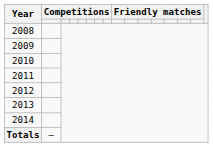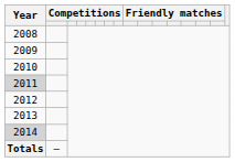 <table class="wikitable" style="text-align: center">
 <tr>
 <th rowspan="2">Year</th>
 <th colspan="7">Competitions</th>
 <th colspan="7">Friendly matches</th>
 <th rowspan="2"></th>
 </tr>
 <tr>
 <th></th>
 <th></th>
 <th></th>
 <th></th>
 <th></th>
 <th></th>
 <th></th>
 <th></th>
 <th></th>
 <th></th>
 <th></th>
 <th></th>
 <th></th>
 <th></th>
 </tr>
 <tr>
 <td>2008<br> </td>
 <td></td>
 </tr>
 <tr>
 <td>2009<br> </td>
 <td></td>
 </tr>
 <tr>
 <td>2010<br> </td>
 <td></td>
 </tr>
 <tr>
-<td>2011<br> </td>
+<td style="background: lightgrey;">2011<br> </td>
 <td></td>
 </tr>
 <tr>
 <td>2012<br> </td>
 <td></td>
 </tr>
 <tr>
 <td>2013<br> </td>
 <td></td>
 </tr>
 <tr>
-<td>2014<br> </td>
+<td style="background: lightgrey;">2014<br> </td>
 <td></td>
 </tr>
 <tr>
 <th>Totals<br> </th>
 <td>—</td>
 </tr>
 </table>
